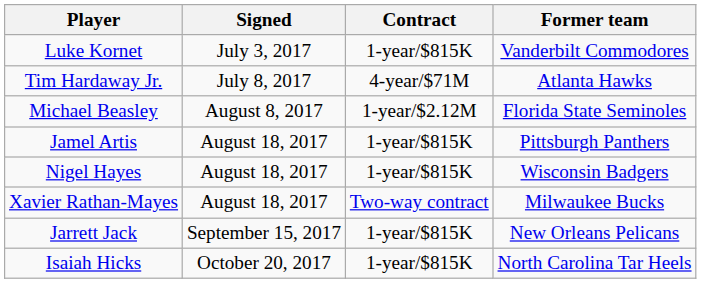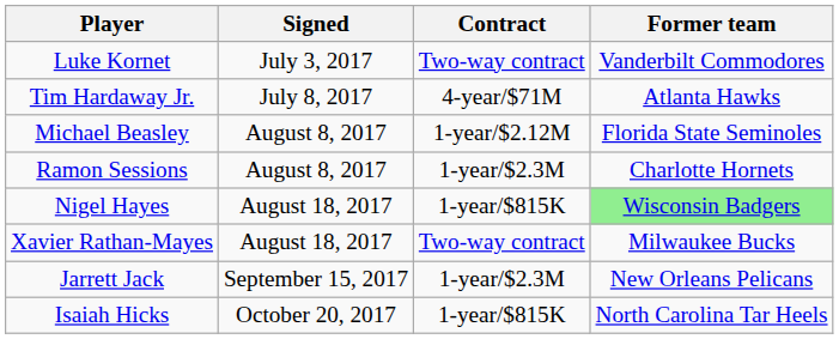 <table class="wikitable sortable sortable" style="text-align: center">
 <tr>
 <th>Player</th>
 <th>Signed</th>
 <th>Contract</th>
 <th>Former team</th>
 </tr>
 <tr>
 <td><a href='#'>Luke Kornet</a></td>
 <td>July 3, 2017</td>
-<td>1-year/$815K</td>
+<td><a href='#'>Two-way contract</a></td>
 <td><a href='#'>Vanderbilt Commodores</a></td>
 </tr>
 <tr>
 <td><a href='#'>Tim Hardaway Jr.</a></td>
 <td>July 8, 2017</td>
 <td>4-year/$71M</td>
 <td><a href='#'>Atlanta Hawks</a></td>
 </tr>
 <tr>
 <td><a href='#'>Michael Beasley</a></td>
 <td>August 8, 2017</td>
 <td>1-year/$2.12M</td>
 <td><a href='#'>Florida State Seminoles</a></td>
 </tr>
 <tr>
-<td><a href='#'>Jamel Artis</a></td>
-<td>August 18, 2017</td>
-<td>1-year/$815K</td>
-<td><a href='#'>Pittsburgh Panthers</a></td>
+<td><a href='#'>Ramon Sessions</a></td>
+<td>August 8, 2017</td>
+<td>1-year/$2.3M</td>
+<td><a href='#'>Charlotte Hornets</a></td>
 </tr>
 <tr>
 <td><a href='#'>Nigel Hayes</a></td>
 <td>August 18, 2017</td>
 <td>1-year/$815K</td>
-<td><a href='#'>Wisconsin Badgers</a></td>
+<td style="background: lightgreen;"><a href='#'>Wisconsin Badgers</a></td>
 </tr>
 <tr>
 <td><a href='#'>Xavier Rathan-Mayes</a></td>
 <td>August 18, 2017</td>
 <td><a href='#'>Two-way contract</a></td>
 <td><a href='#'>Milwaukee Bucks</a></td>
 </tr>
 <tr>
 <td><a href='#'>Jarrett Jack</a></td>
 <td>September 15, 2017</td>
-<td>1-year/$815K</td>
+<td>1-year/$2.3M</td>
 <td><a href='#'>New Orleans Pelicans</a></td>
 </tr>
 <tr>
 <td><a href='#'>Isaiah Hicks</a></td>
 <td>October 20, 2017</td>
 <td>1-year/$815K</td>
 <td><a href='#'>North Carolina Tar Heels</a></td>
 </tr>
 </table>
